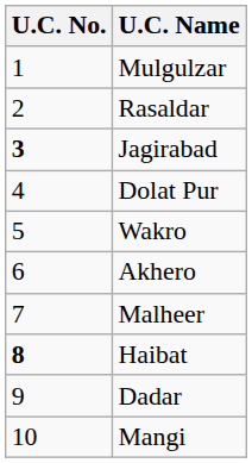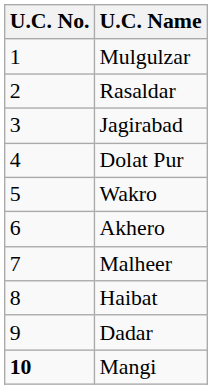 <table class="wikitable sortable">
 <tr>
 <th>U.C. No.</th>
 <th>U.C. Name</th>
 </tr>
 <tr>
 <td>1</td>
 <td>Mulgulzar</td>
 </tr>
 <tr>
 <td>2</td>
 <td>Rasaldar</td>
 </tr>
 <tr>
-<td><strong>3</strong></td>
+<td>3</td>
 <td>Jagirabad</td>
 </tr>
 <tr>
 <td>4</td>
 <td>Dolat Pur</td>
 </tr>
 <tr>
 <td>5</td>
 <td>Wakro</td>
 </tr>
 <tr>
 <td>6</td>
 <td>Akhero</td>
 </tr>
 <tr>
 <td>7</td>
 <td>Malheer</td>
 </tr>
 <tr>
-<td><strong>8</strong></td>
+<td>8</td>
 <td>Haibat</td>
 </tr>
 <tr>
 <td>9</td>
 <td>Dadar</td>
 </tr>
 <tr>
-<td>10</td>
+<td><strong>10</strong></td>
 <td>Mangi</td>
 </tr>
 </table>
